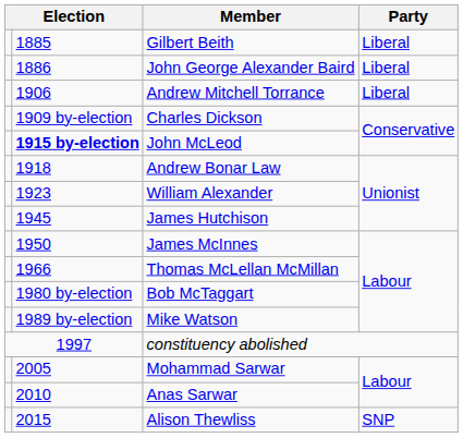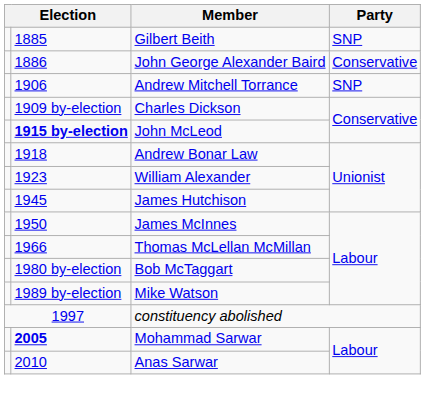 <table class="wikitable">
 <tr>
 <th colspan="2">Election</th>
 <th>Member</th>
 <th>Party</th>
 </tr>
 <tr>
 <td style="color:inherit;background-color: "></td>
 <td><a href='#'>1885</a></td>
 <td><a href='#'>Gilbert Beith</a></td>
-<td><a href='#'>Liberal</a></td>
+<td><a href='#'>SNP</a></td>
 </tr>
 <tr>
 <td style="color:inherit;background-color: "></td>
 <td><a href='#'>1886</a></td>
 <td><a href='#'>John George Alexander Baird</a></td>
-<td><a href='#'>Liberal</a></td>
+<td><a href='#'>Conservative</a></td>
 </tr>
 <tr>
 <td style="color:inherit;background-color: "></td>
 <td><a href='#'>1906</a></td>
 <td><a href='#'>Andrew Mitchell Torrance</a></td>
-<td><a href='#'>Liberal</a></td>
+<td><a href='#'>SNP</a></td>
 </tr>
 <tr>
 <td style="color:inherit;background-color: "></td>
 <td><a href='#'>1909 by-election</a></td>
 <td><a href='#'>Charles Dickson</a></td>
 <td rowspan="2"><a href='#'>Conservative</a></td>
 </tr>
 <tr>
 <td style="color:inherit;background-color: "></td>
 <td><strong><a href='#'>1915 by-election</a></strong></td>
 <td><a href='#'>John McLeod</a></td>
 </tr>
 <tr>
 <td style="color:inherit;background-color: "></td>
 <td><a href='#'>1918</a></td>
 <td><a href='#'>Andrew Bonar Law</a></td>
 <td rowspan="3"><a href='#'>Unionist</a></td>
 </tr>
 <tr>
 <td style="color:inherit;background-color: "></td>
 <td><a href='#'>1923</a></td>
 <td><a href='#'>William Alexander</a></td>
 </tr>
 <tr>
 <td style="color:inherit;background-color: "></td>
 <td><a href='#'>1945</a></td>
 <td><a href='#'>James Hutchison</a></td>
 </tr>
 <tr>
 <td style="color:inherit;background-color: "></td>
 <td><a href='#'>1950</a></td>
 <td><a href='#'>James McInnes</a></td>
 <td rowspan="4"><a href='#'>Labour</a></td>
 </tr>
 <tr>
 <td style="color:inherit;background-color: "></td>
 <td><a href='#'>1966</a></td>
 <td><a href='#'>Thomas McLellan McMillan</a></td>
 </tr>
 <tr>
 <td style="color:inherit;background-color: "></td>
 <td><a href='#'>1980 by-election</a></td>
 <td><a href='#'>Bob McTaggart</a></td>
 </tr>
 <tr>
 <td style="color:inherit;background-color: "></td>
 <td><a href='#'>1989 by-election</a></td>
 <td><a href='#'>Mike Watson</a></td>
 </tr>
 <tr>
 <td colspan="2" align="center"><a href='#'>1997</a></td>
 <td colspan="2"><em>constituency abolished</em></td>
 </tr>
 <tr>
 <td style="color:inherit;background-color: "></td>
-<td><a href='#'>2005</a></td>
+<td><strong><a href='#'>2005</a></strong></td>
 <td><a href='#'>Mohammad Sarwar</a></td>
 <td rowspan="2"><a href='#'>Labour</a></td>
 </tr>
 <tr>
 <td style="color:inherit;background-color: "></td>
 <td><a href='#'>2010</a></td>
 <td><a href='#'>Anas Sarwar</a></td>
 </tr>
-<tr>
-<td style="color:inherit;background-color: "></td>
-<td><a href='#'>2015</a></td>
-<td><a href='#'>Alison Thewliss</a></td>
-<td><a href='#'>SNP</a></td>
-</tr>
 </table>
